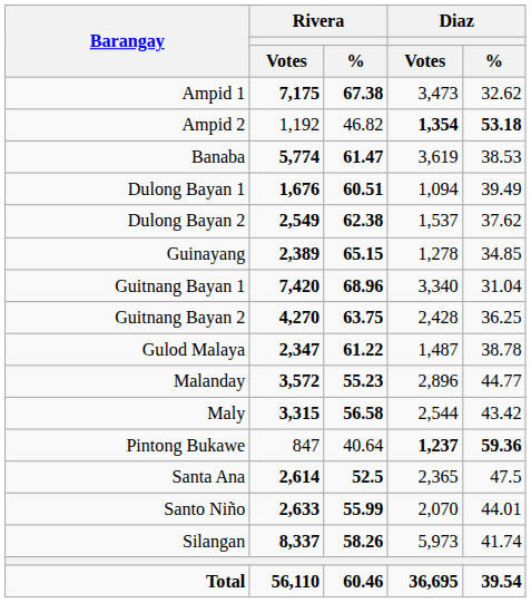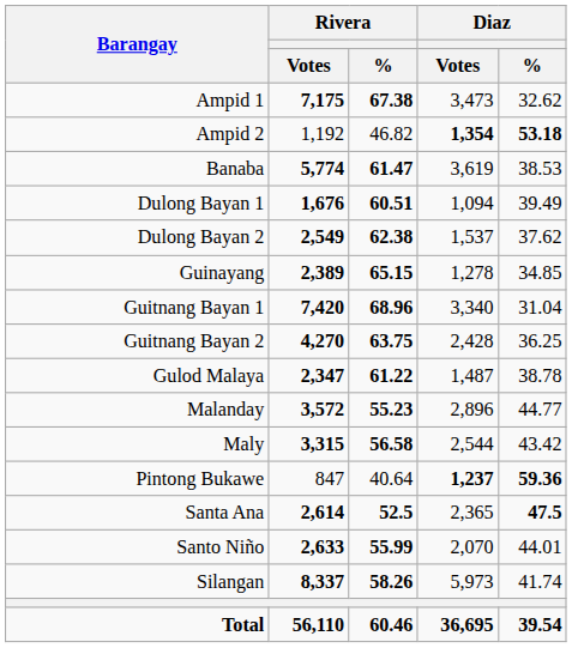 <table class="wikitable collapsed collapsible" style="text-align:right; font-size:95%; line-height:20px;">
 <tr>
 <th rowspan="3" width="200"><a href='#'>Barangay</a></th>
 <th colspan="2" width="110">Rivera</th>
 <th colspan="2" width="110">Diaz</th>
 </tr>
 <tr>
 <th colspan="2" style="background:"></th>
 <th colspan="2" style="background:"></th>
 </tr>
 <tr>
 <th>Votes</th>
 <th>%</th>
 <th>Votes</th>
 <th>%</th>
 </tr>
 <tr>
 <td>Ampid 1</td>
 <td style="background-color:#"><strong>7,175</strong></td>
 <td style="background-color:#"><strong>67.38</strong></td>
 <td>3,473</td>
 <td>32.62</td>
 </tr>
 <tr>
 <td>Ampid 2</td>
 <td>1,192</td>
 <td>46.82</td>
 <td style="background-color:#"><strong>1,354</strong></td>
 <td style="background-color:#"><strong>53.18</strong></td>
 </tr>
 <tr>
 <td>Banaba</td>
 <td style="background-color:#"><strong>5,774</strong></td>
 <td style="background-color:#"><strong>61.47</strong></td>
 <td>3,619</td>
 <td>38.53</td>
 </tr>
 <tr>
 <td>Dulong Bayan 1</td>
 <td style="background-color:#"><strong>1,676</strong></td>
 <td style="background-color:#"><strong>60.51</strong></td>
 <td>1,094</td>
 <td>39.49</td>
 </tr>
 <tr>
 <td>Dulong Bayan 2</td>
 <td style="background-color:#"><strong>2,549</strong></td>
 <td style="background-color:#"><strong>62.38</strong></td>
 <td>1,537</td>
 <td>37.62</td>
 </tr>
 <tr>
 <td>Guinayang</td>
 <td style="background-color:#"><strong>2,389</strong></td>
 <td style="background-color:#"><strong>65.15</strong></td>
 <td>1,278</td>
 <td>34.85</td>
 </tr>
 <tr>
 <td>Guitnang Bayan 1</td>
 <td style="background-color:#"><strong>7,420</strong></td>
 <td style="background-color:#"><strong>68.96</strong></td>
 <td>3,340</td>
 <td>31.04</td>
 </tr>
 <tr>
 <td>Guitnang Bayan 2</td>
 <td style="background-color:#"><strong>4,270</strong></td>
 <td style="background-color:#"><strong>63.75</strong></td>
 <td>2,428</td>
 <td>36.25</td>
 </tr>
 <tr>
 <td>Gulod Malaya</td>
 <td style="background-color:#"><strong>2,347</strong></td>
 <td style="background-color:#"><strong>61.22</strong></td>
 <td>1,487</td>
 <td>38.78</td>
 </tr>
 <tr>
 <td>Malanday</td>
 <td style="background-color:#"><strong>3,572</strong></td>
 <td style="background-color:#"><strong>55.23</strong></td>
 <td>2,896</td>
 <td>44.77</td>
 </tr>
 <tr>
 <td>Maly</td>
 <td style="background-color:#"><strong>3,315</strong></td>
 <td style="background-color:#"><strong>56.58</strong></td>
 <td>2,544</td>
 <td>43.42</td>
 </tr>
 <tr>
 <td>Pintong Bukawe</td>
 <td>847</td>
 <td>40.64</td>
 <td style="background-color:#"><strong>1,237</strong></td>
 <td style="background-color:#"><strong>59.36</strong></td>
 </tr>
 <tr>
 <td>Santa Ana</td>
 <td style="background-color:#"><strong>2,614</strong></td>
 <td style="background-color:#"><strong>52.5</strong></td>
 <td>2,365</td>
-<td>47.5</td>
+<td><strong>47.5</strong></td>
 </tr>
 <tr>
 <td>Santo Niño</td>
 <td style="background-color:#"><strong>2,633</strong></td>
 <td style="background-color:#"><strong>55.99</strong></td>
 <td>2,070</td>
 <td>44.01</td>
 </tr>
 <tr>
 <td>Silangan</td>
 <td style="background-color:#"><strong>8,337</strong></td>
 <td style="background-color:#"><strong>58.26</strong></td>
 <td>5,973</td>
 <td>41.74</td>
 </tr>
 <tr>
 <th colspan="5"></th>
 </tr>
 <tr>
 <td><strong>Total</strong></td>
 <td style="background-color:#"><strong>56,110</strong></td>
 <td style="background-color:#"><strong>60.46</strong></td>
 <td><strong>36,695</strong></td>
 <td><strong>39.54</strong></td>
 </tr>
 </table>
